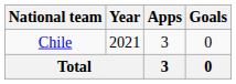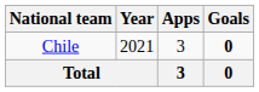 <table class=wikitable style=text-align:center>
 <tr>
 <th>National team</th>
 <th>Year</th>
 <th>Apps</th>
 <th>Goals</th>
 </tr>
 <tr>
 <td><a href='#'>Chile</a></td>
 <td>2021</td>
 <td>3</td>
-<td>0</td>
+<td><strong>0</strong></td>
 </tr>
 <tr>
 <th colspan="2">Total</th>
 <th>3</th>
 <th>0</th>
 </tr>
 </table>
